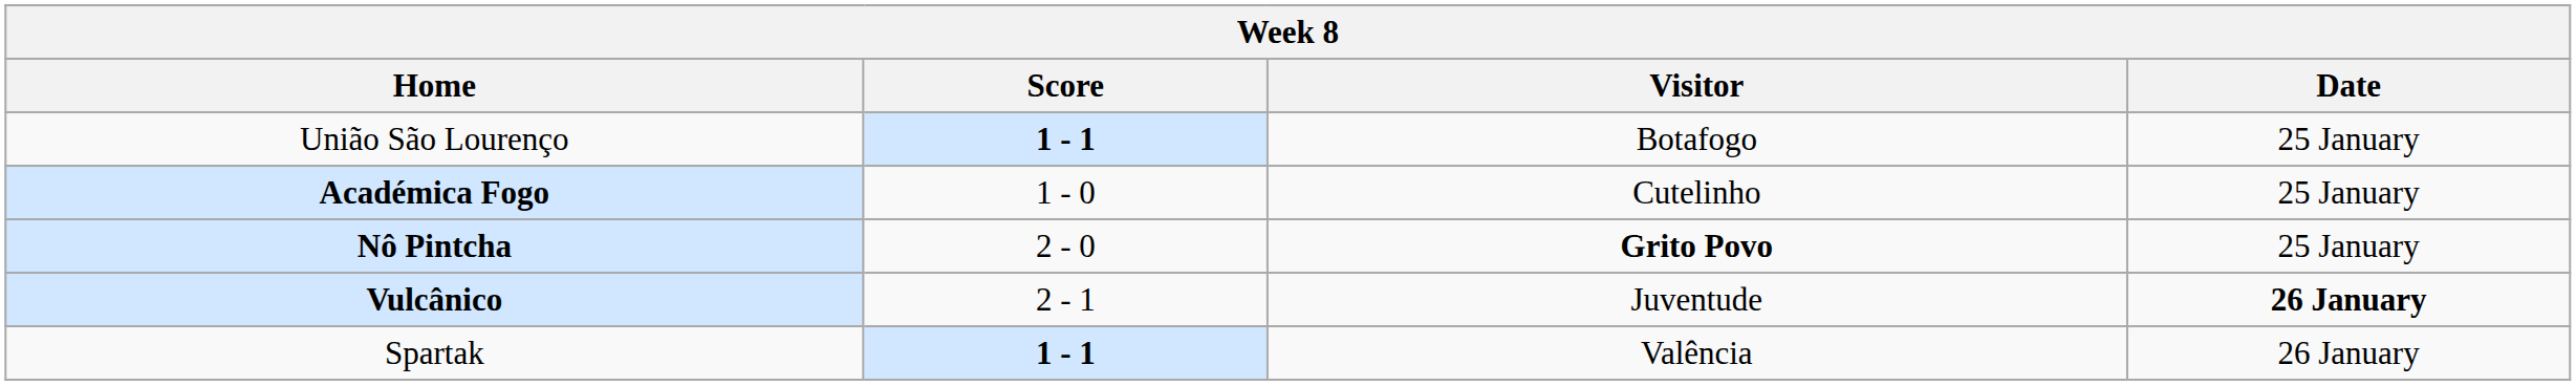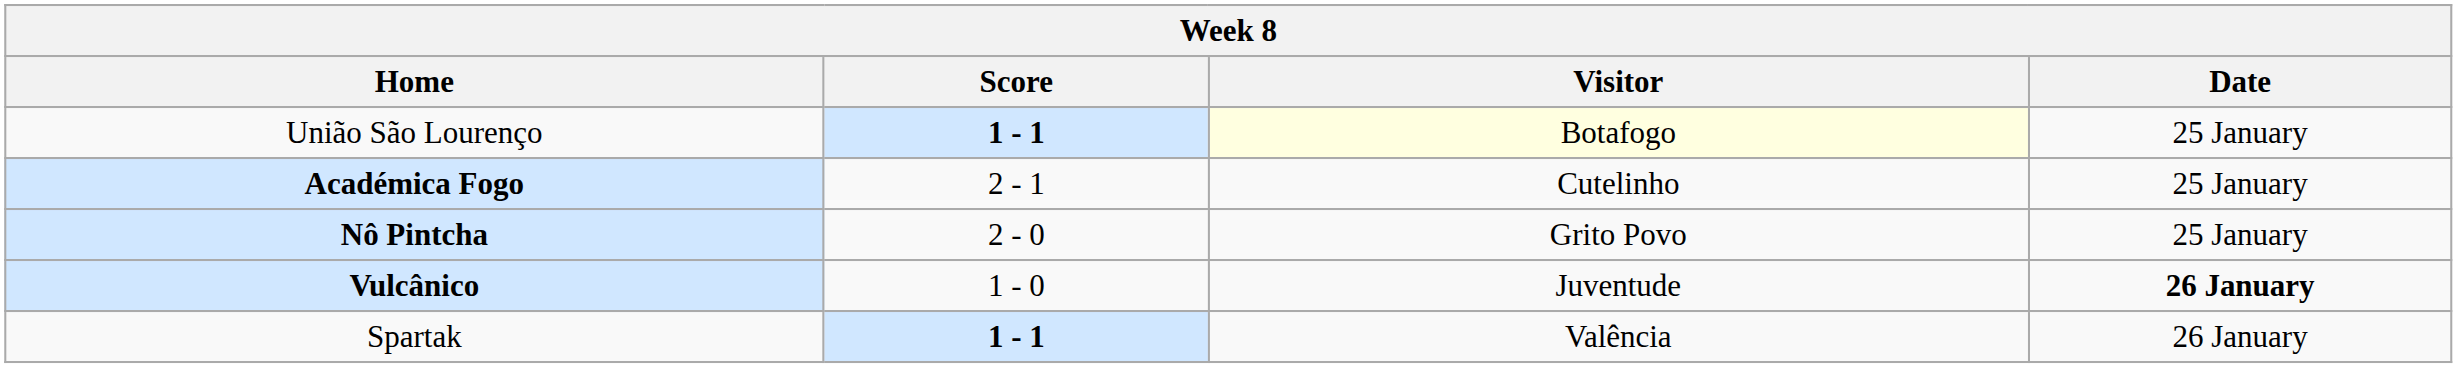 <table class="wikitable" style="margin:1em auto; font-size:95%; text-align: center; width: 95%;">
 <tr>
 <th colspan="12"  style="with:100%; text-align:center;">Week 8</th>
 </tr>
 <tr>
 <th style="width:200px;">Home</th>
 <th width="90">Score</th>
 <th style="width:200px;">Visitor</th>
 <th style="width:100px;">Date</th>
 </tr>
 <tr align=center>
 <td>União São Lourenço</td>
 <td style="background:#d0e7ff;"><strong>1 - 1</strong></td>
-<td>Botafogo</td>
+<td style="background: lightyellow;">Botafogo</td>
 <td>25 January</td>
 </tr>
 <tr align=center>
 <td style="background:#d0e7ff;"><strong>Académica Fogo</strong></td>
-<td>1 - 0</td>
+<td>2 - 1</td>
 <td>Cutelinho</td>
 <td>25 January</td>
 </tr>
 <tr align=center>
 <td style="background:#d0e7ff;"><strong>Nô Pintcha</strong></td>
 <td>2 - 0</td>
-<td><strong>Grito Povo</strong></td>
+<td>Grito Povo</td>
 <td>25 January</td>
 </tr>
 <tr align=center>
 <td style="background:#d0e7ff;"><strong>Vulcânico</strong></td>
-<td>2 - 1</td>
+<td>1 - 0</td>
 <td>Juventude</td>
 <td><strong>26 January</strong></td>
 </tr>
 <tr align=center>
 <td>Spartak</td>
 <td style="background:#d0e7ff;"><strong>1 - 1</strong></td>
 <td>Valência</td>
 <td>26 January</td>
 </tr>
 </table>
